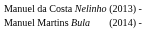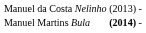 <table border="0" style="text-align:center;">
 <tr>
 <td align=left> Manuel da Costa <em>Nelinho</em></td>
 <td>(2013)</td>
 <td>-</td>
 <td></td>
 </tr>
 <tr>
 <td align=left> Manuel Martins <em>Bula</em></td>
-<td>(2014)</td>
+<td><strong>(2014)</strong></td>
 <td>-</td>
 <td></td>
 </tr>
 </table>
